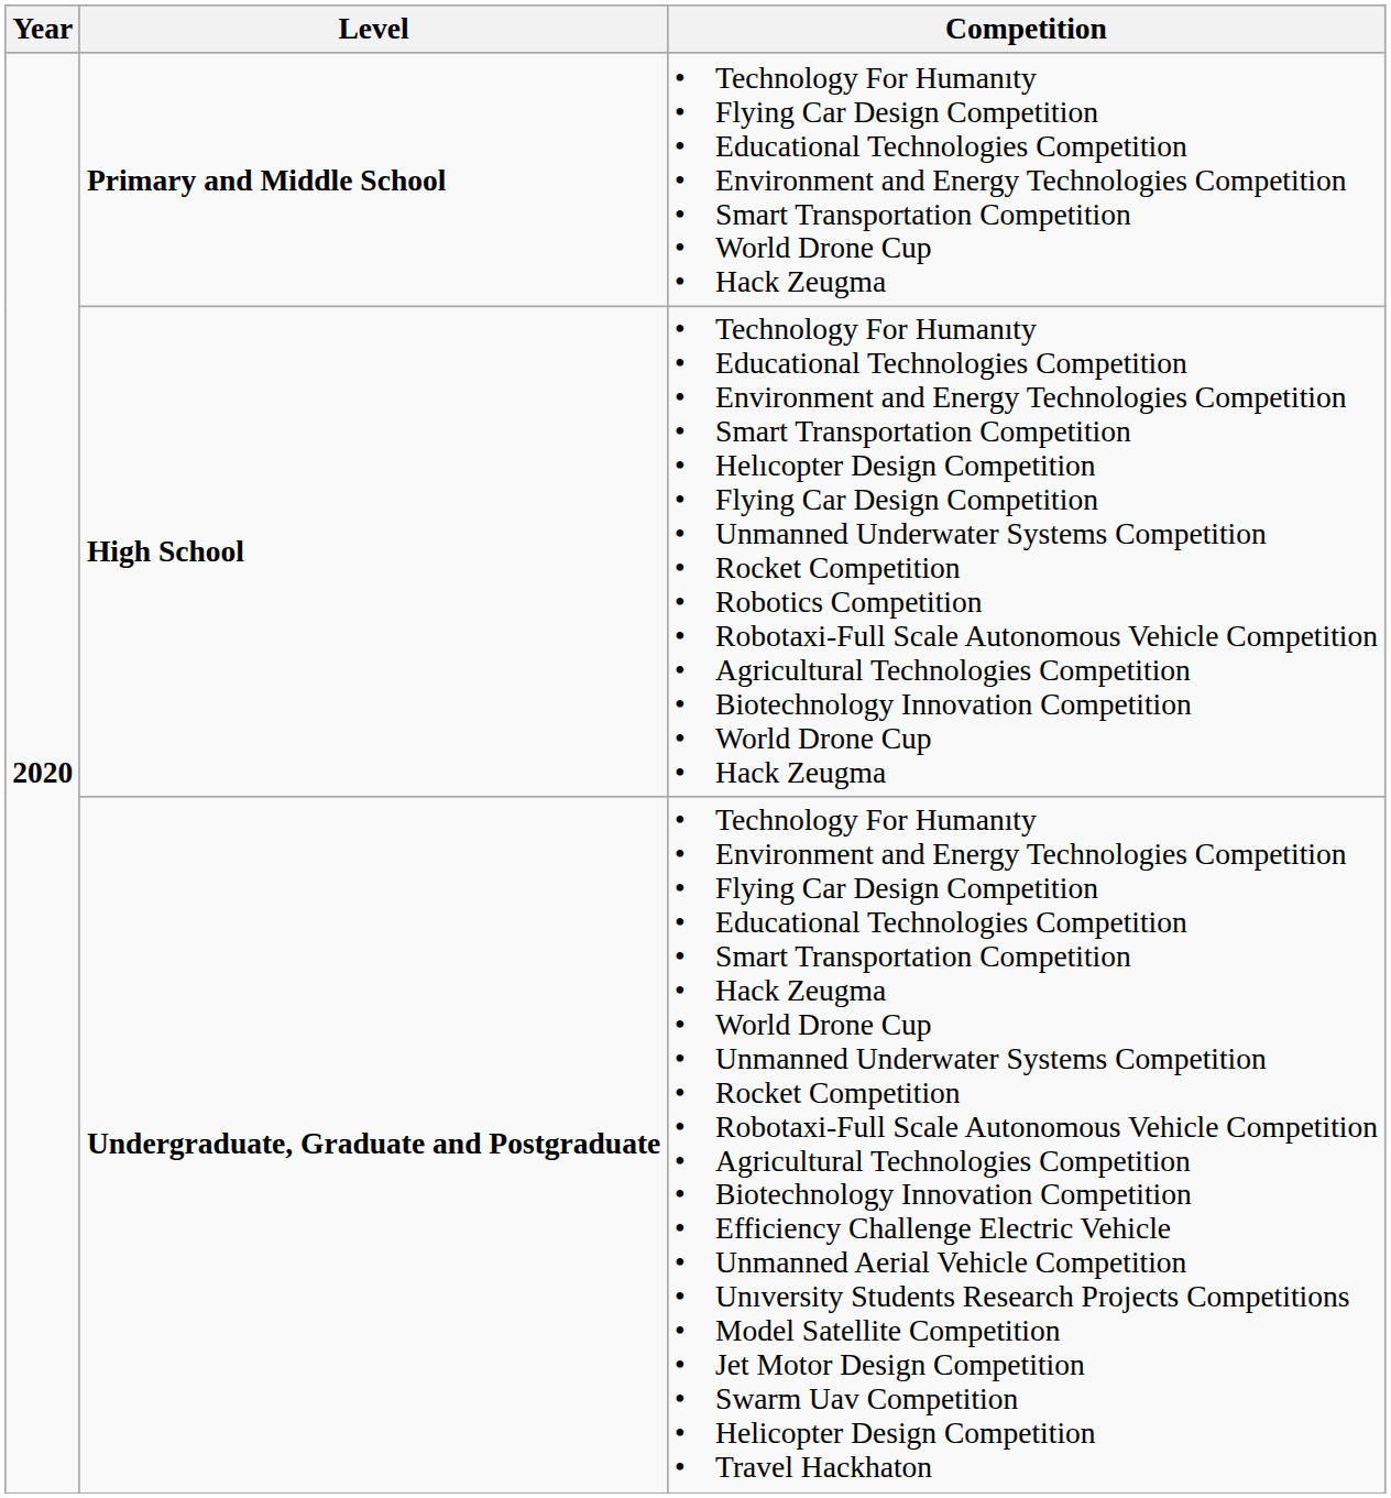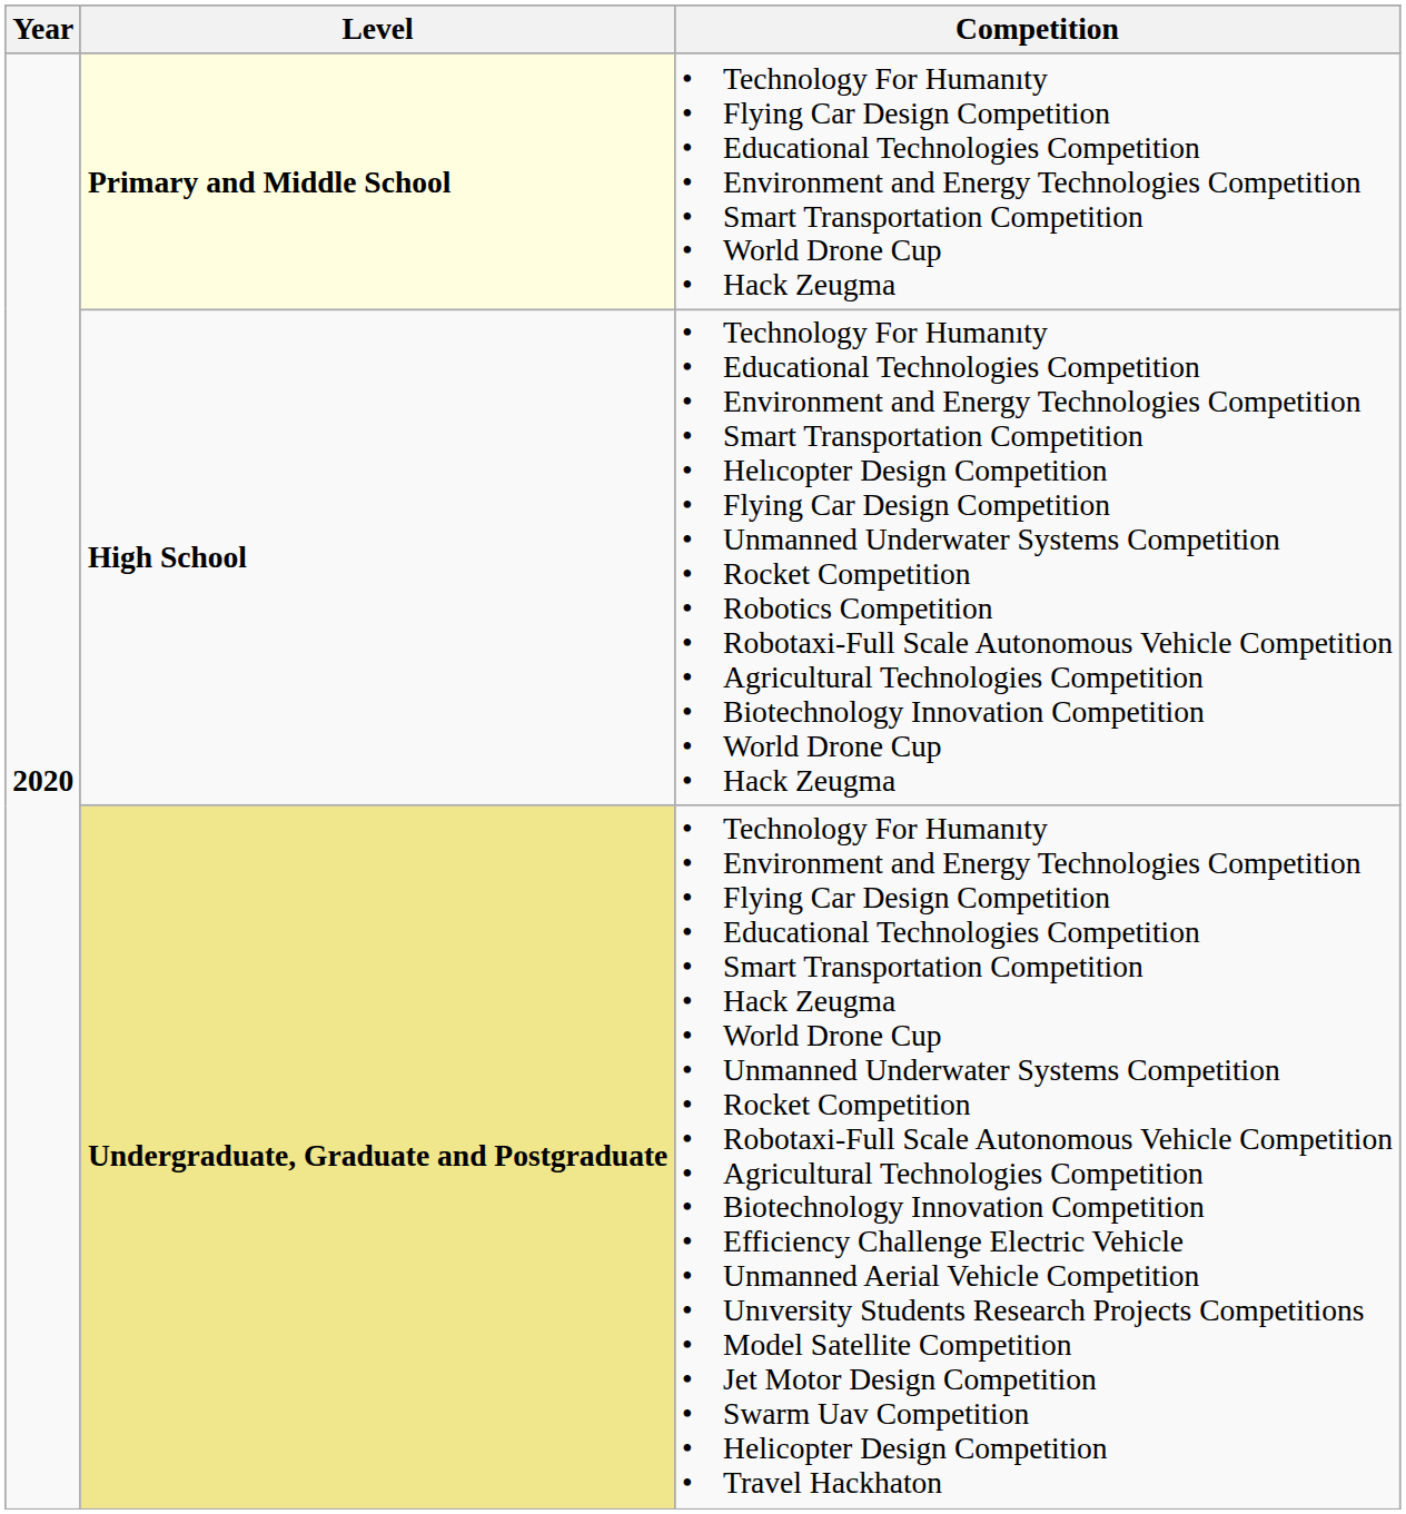 <table class="wikitable">
 <tr>
 <th>Year</th>
 <th>Level</th>
 <th>Competition</th>
 </tr>
 <tr>
 <td rowspan="3"><strong>2020</strong></td>
-<td><strong>Primary and Middle School</strong></td>
+<td style="background: lightyellow;"><strong>Primary and Middle School</strong></td>
 <td>•    Technology For Humanıty<br>•    Flying Car Design Competition<br>•    Educational Technologies Competition<br>•    Environment and Energy Technologies Competition<br>•    Smart Transportation Competition<br>•    World Drone Cup<br>•    Hack Zeugma</td>
 </tr>
 <tr>
 <td><strong>High School</strong></td>
 <td>•    Technology For Humanıty<br>•    Educational Technologies Competition<br>•    Environment and Energy Technologies Competition<br>•    Smart Transportation Competition<br>•    Helıcopter Design Competition<br>•    Flying Car Design Competition<br>•    Unmanned Underwater Systems Competition<br>•    Rocket Competition<br>•    Robotics Competition<br>•    Robotaxi-Full Scale Autonomous Vehicle Competition<br>•    Agricultural Technologies Competition<br>•    Biotechnology Innovation Competition<br>•    World Drone Cup<br>•    Hack Zeugma</td>
 </tr>
 <tr>
-<td><strong>Undergraduate, Graduate and Postgraduate</strong></td>
+<td style="background: khaki;"><strong>Undergraduate, Graduate and Postgraduate</strong></td>
 <td>•    Technology For Humanıty<br>•    Environment and Energy Technologies Competition<br>•    Flying Car Design Competition<br>•    Educational Technologies Competition<br>•    Smart Transportation Competition<br>•    Hack Zeugma<br>•    World Drone Cup<br>•    Unmanned Underwater Systems Competition<br>•    Rocket Competition<br>•    Robotaxi-Full Scale Autonomous Vehicle Competition<br>•    Agricultural Technologies Competition<br>•    Biotechnology Innovation Competition<br>•    Efficiency Challenge Electric Vehicle<br>•    Unmanned Aerial Vehicle Competition<br>•    Unıversity Students Research Projects Competitions<br>•    Model Satellite Competition<br>•    Jet Motor Design Competition<br>•    Swarm Uav Competition<br>•    Helicopter Design Competition<br>•    Travel Hackhaton</td>
 </tr>
 </table>
